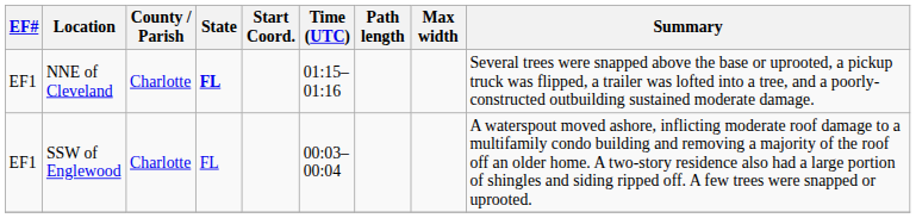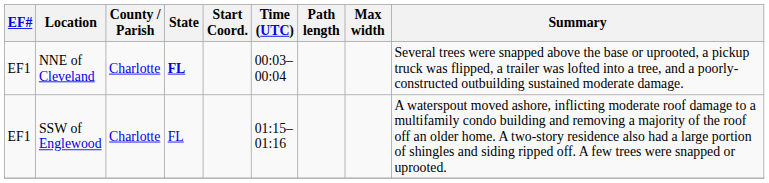 <table class="wikitable sortable" style="width:100%;">
 <tr>
 <th scope="col" style="width:3%; text-align:center;"><a href='#'>EF#</a></th>
 <th scope="col" style="width:7%; text-align:center;" class="unsortable">Location</th>
 <th scope="col" style="width:6%; text-align:center;" class="unsortable">County / Parish</th>
 <th scope="col" style="width:5%; text-align:center;">State</th>
 <th scope="col" style="width:6%; text-align:center;">Start Coord.</th>
 <th scope="col" style="width:6%; text-align:center;">Time (<a href='#'>UTC</a>)</th>
 <th scope="col" style="width:6%; text-align:center;">Path length</th>
 <th scope="col" style="width:6%; text-align:center;">Max width</th>
 <th scope="col" class="unsortable" style="width:48%; text-align:center;">Summary</th>
 </tr>
 <tr>
 <td>EF1</td>
 <td>NNE of <a href='#'>Cleveland</a></td>
 <td><a href='#'>Charlotte</a></td>
 <td><strong><a href='#'>FL</a></strong></td>
 <td></td>
-<td>01:15–01:16</td>
+<td>00:03–00:04</td>
 <td></td>
 <td></td>
 <td>Several trees were snapped above the base or uprooted, a pickup truck was flipped, a trailer was lofted into a tree, and a poorly-constructed outbuilding sustained moderate damage.</td>
 </tr>
 <tr>
 <td>EF1</td>
 <td>SSW of <a href='#'>Englewood</a></td>
 <td><a href='#'>Charlotte</a></td>
 <td><a href='#'>FL</a></td>
 <td></td>
-<td>00:03–00:04</td>
+<td>01:15–01:16</td>
 <td></td>
 <td></td>
 <td>A waterspout moved ashore, inflicting moderate roof damage to a multifamily condo building and removing a majority of the roof off an older home. A two-story residence also had a large portion of shingles and siding ripped off. A few trees were snapped or uprooted.</td>
 </tr>
 <tr>
 </tr>
 </table>
